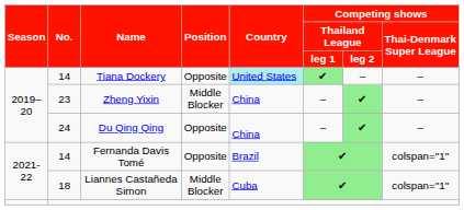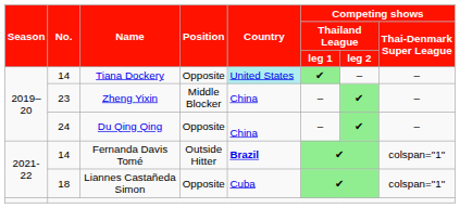 <table class="wikitable" style="text-align:center;font-size:90%;">
 <tr style= "background: #FF1200; color: #FFFFFF; font-weight:bold;">
 <td rowspan="3" width="40">Season</td>
 <td rowspan="3" width="40">No.</td>
 <td rowspan="3" width="140">Name</td>
 <td rowspan="3" width="40">Position</td>
 <td rowspan="3" width="100">Country</td>
 <td colspan="3">Competing shows</td>
 </tr>
 <tr style= "background: #FF1200; color: #FFFFFF; font-weight:bold;">
 <td colspan="2" width="100">Thailand League</td>
 <td rowspan="2" width="100">Thai-Denmark Super League</td>
 </tr>
 <tr style= "background: #FF1200; color: #FFFFFF; font-weight:bold;">
 <td width="50">leg 1</td>
 <td width="50">leg 2</td>
 </tr>
 <tr>
 <td rowspan="3">2019–20</td>
 <td>14</td>
 <td><a href='#'>Tiana Dockery</a></td>
 <td>Opposite</td>
 <td align="left" style="background: paleturquoise;"> <a href='#'>United States</a></td>
 <td style="background:lightgreen; text-align:center;">✔</td>
 <td>–</td>
 <td>–</td>
 </tr>
 <tr>
 <td>23</td>
 <td><a href='#'>Zheng Yixin</a></td>
 <td>Middle Blocker</td>
 <td align="left"> <a href='#'>China</a></td>
 <td>–</td>
 <td colspan="1" style="background:lightgreen; text-align:center;">✔</td>
 <td>–</td>
 </tr>
 <tr>
 <td>24</td>
 <td><a href='#'>Du Qing Qing</a></td>
 <td>Opposite</td>
 <td align="left"><br> <a href='#'>China</a></td>
 <td>–</td>
 <td colspan="1" style="background:lightgreen; text-align:center;">✔</td>
 <td>–</td>
 </tr>
 <tr>
 <td rowspan="2">2021-22</td>
 <td>14</td>
 <td>Fernanda Davis Tomé</td>
-<td>Opposite</td>
-<td align="left"> <a href='#'>Brazil</a></td>
+<td>Outside Hitter</td>
+<td align="left"><strong> <a href='#'>Brazil</a></strong></td>
 <td colspan="2" style="background:lightgreen; text-align:center;">✔</td>
 <td>colspan="1" </td>
 </tr>
 <tr>
 <td>18</td>
 <td>Liannes Castañeda Simon</td>
-<td>Middle Blocker</td>
+<td>Opposite</td>
 <td align="left"> <a href='#'>Cuba</a></td>
 <td colspan="2" style="background:lightgreen; text-align:center;">✔</td>
 <td>colspan="1" </td>
 </tr>
 <tr>
 <td></td>
 </tr>
 </table>
